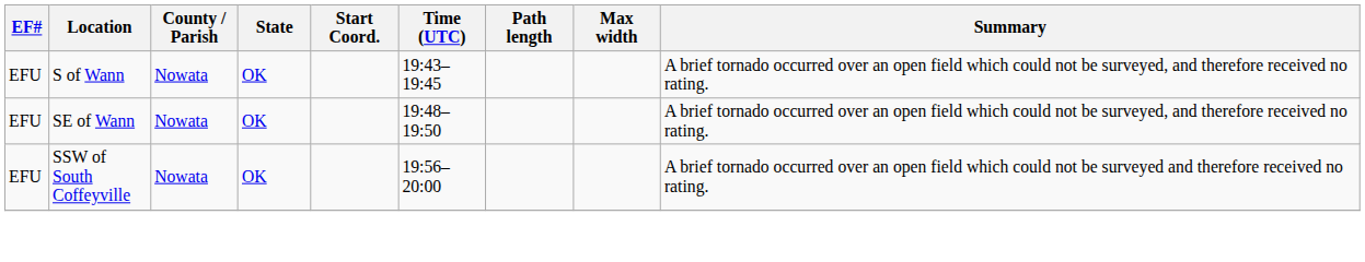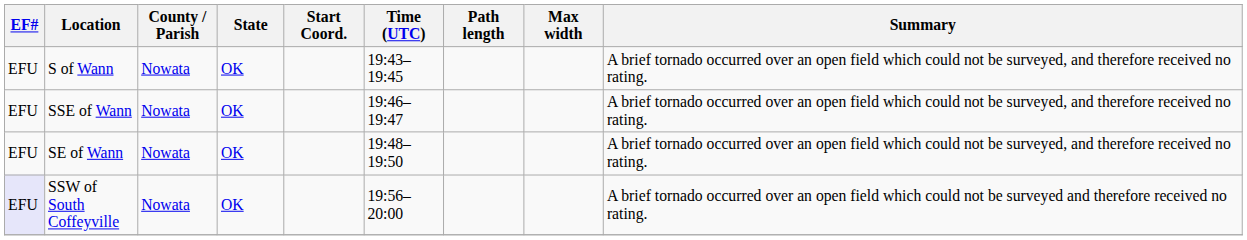 <table class="wikitable sortable" style="width:100%;">
 <tr>
 <th scope="col"  style="width:3%; text-align:center;"><a href='#'>EF#</a></th>
 <th scope="col"  style="width:7%; text-align:center;" class="unsortable">Location</th>
 <th scope="col"  style="width:6%; text-align:center;" class="unsortable">County / Parish</th>
 <th scope="col"  style="width:5%; text-align:center;">State</th>
 <th scope="col"  style="width:6%; text-align:center;">Start Coord.</th>
 <th scope="col"  style="width:6%; text-align:center;">Time (<a href='#'>UTC</a>)</th>
 <th scope="col"  style="width:6%; text-align:center;">Path length</th>
 <th scope="col"  style="width:6%; text-align:center;">Max width</th>
 <th scope="col" class="unsortable" style="width:48%; text-align:center;">Summary</th>
 </tr>
 <tr>
 <td>EFU</td>
 <td>S of <a href='#'>Wann</a></td>
 <td><a href='#'>Nowata</a></td>
 <td><a href='#'>OK</a></td>
 <td></td>
 <td>19:43–19:45</td>
 <td></td>
 <td></td>
 <td>A brief tornado occurred over an open field which could not be surveyed, and therefore received no rating.</td>
 </tr>
 <tr>
 <td>EFU</td>
+<td>SSE of <a href='#'>Wann</a></td>
+<td><a href='#'>Nowata</a></td>
+<td><a href='#'>OK</a></td>
+<td></td>
+<td>19:46–19:47</td>
+<td></td>
+<td></td>
+<td>A brief tornado occurred over an open field which could not be surveyed, and therefore received no rating.</td>
+</tr>
+<tr>
+<td>EFU</td>
 <td>SE of <a href='#'>Wann</a></td>
 <td><a href='#'>Nowata</a></td>
 <td><a href='#'>OK</a></td>
 <td></td>
 <td>19:48–19:50</td>
 <td></td>
 <td></td>
 <td>A brief tornado occurred over an open field which could not be surveyed, and therefore received no rating.</td>
 </tr>
 <tr>
-<td>EFU</td>
+<td style="background: lavender;">EFU</td>
 <td>SSW of <a href='#'>South Coffeyville</a></td>
 <td><a href='#'>Nowata</a></td>
 <td><a href='#'>OK</a></td>
 <td></td>
 <td>19:56–20:00</td>
 <td></td>
 <td></td>
 <td>A brief tornado occurred over an open field which could not be surveyed and therefore received no rating.</td>
 </tr>
 <tr>
 </tr>
 </table>
